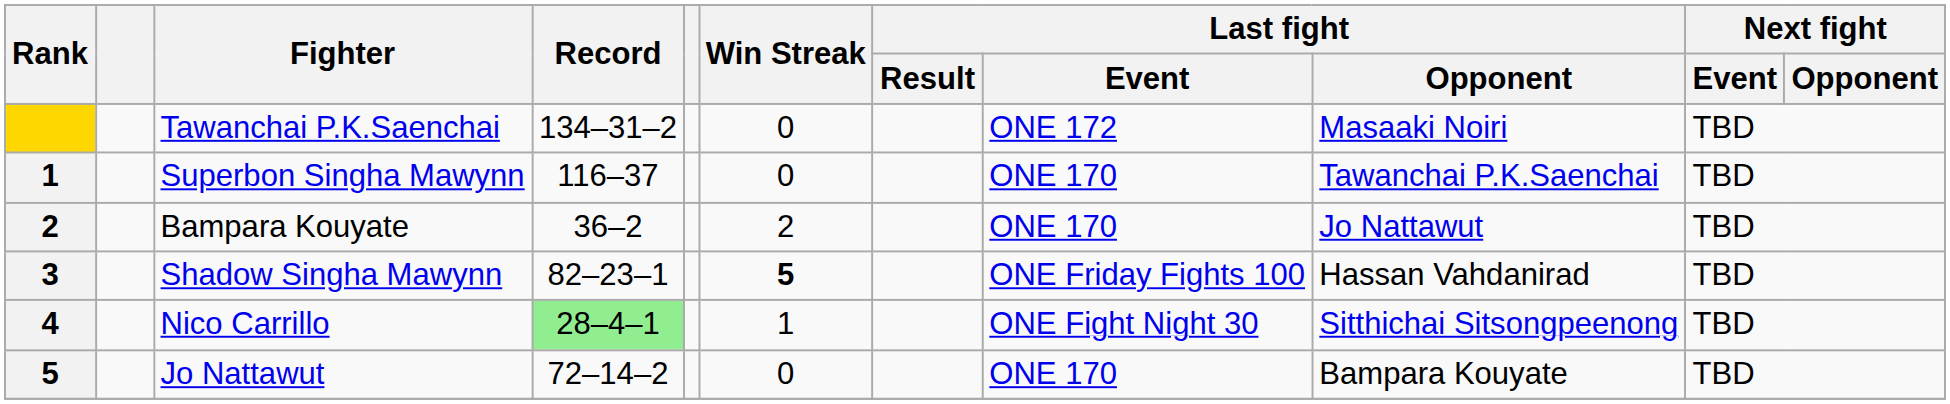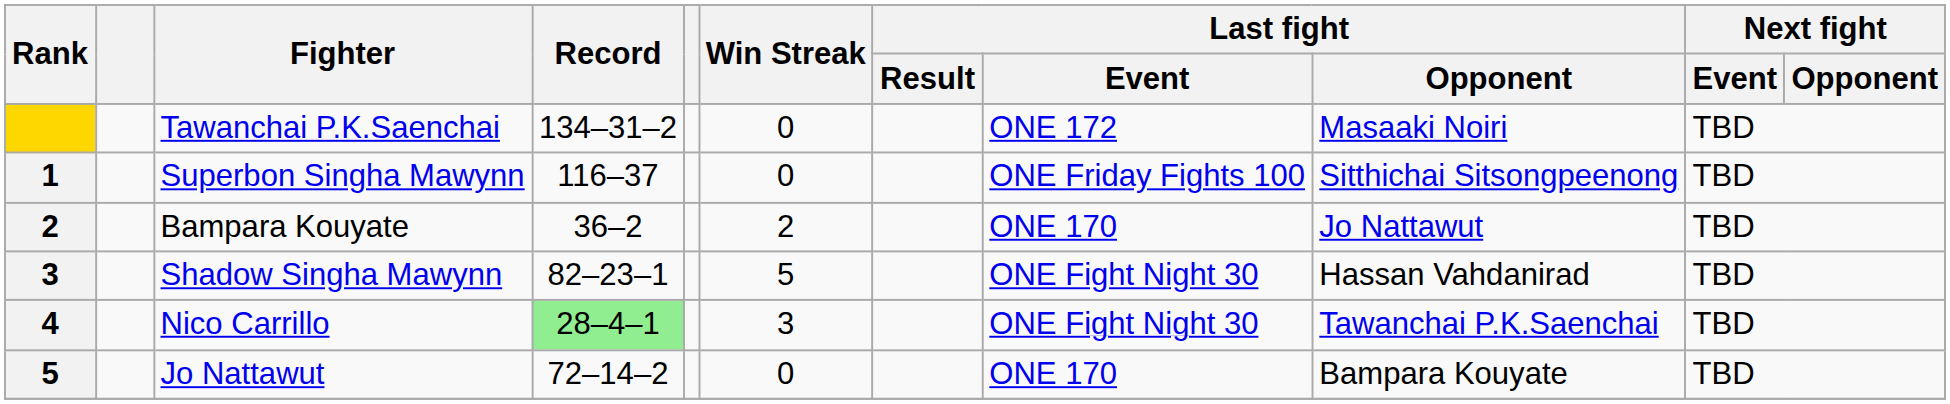 <table class="wikitable" style="display: inline-table;">
 <tr>
 <th rowspan=2>Rank</th>
 <th width=3% rowspan=2></th>
 <th rowspan=2>Fighter</th>
 <th rowspan=2>Record</th>
 <th rowspan=2></th>
 <th rowspan=2>Win Streak</th>
 <th colspan=3>Last fight</th>
 <th colspan=2>Next fight</th>
 </tr>
 <tr>
 <th>Result</th>
 <th>Event</th>
 <th>Opponent</th>
 <th>Event</th>
 <th>Opponent</th>
 </tr>
 <tr>
 <th style="background:gold"></th>
 <td></td>
 <td><a href='#'>Tawanchai P.K.Saenchai</a></td>
 <td align="center">134–31–2</td>
 <td align="center"></td>
 <td align="center">0</td>
 <td></td>
 <td><a href='#'>ONE 172</a></td>
 <td><a href='#'>Masaaki Noiri</a></td>
 <td colspan="2">TBD</td>
 </tr>
 <tr>
 <th>1</th>
 <td></td>
 <td><a href='#'>Superbon Singha Mawynn</a></td>
 <td align="center">116–37</td>
 <td align="center"></td>
 <td align="center">0</td>
 <td></td>
-<td><a href='#'>ONE 170</a></td>
-<td><a href='#'>Tawanchai P.K.Saenchai</a></td>
+<td><a href='#'>ONE Friday Fights 100</a></td>
+<td><a href='#'>Sitthichai Sitsongpeenong</a></td>
 <td colspan="2">TBD</td>
 </tr>
 <tr>
 <th>2</th>
 <td></td>
 <td>Bampara Kouyate</td>
 <td align="center">36–2</td>
 <td align="center"></td>
 <td align="center">2</td>
 <td></td>
 <td><a href='#'>ONE 170</a></td>
 <td><a href='#'>Jo Nattawut</a></td>
 <td colspan="2">TBD</td>
 </tr>
 <tr>
 <th>3</th>
 <td></td>
 <td><a href='#'>Shadow Singha Mawynn</a></td>
 <td align="center">82–23–1</td>
 <td align="center"></td>
-<td align="center"><strong>5</strong></td>
+<td align="center">5</td>
 <td></td>
-<td><a href='#'>ONE Friday Fights 100</a></td>
+<td><a href='#'>ONE Fight Night 30</a></td>
 <td>Hassan Vahdanirad</td>
 <td colspan="2">TBD</td>
 </tr>
 <tr>
 <th>4</th>
 <td></td>
 <td><a href='#'>Nico Carrillo</a></td>
 <td align="center" style="background: lightgreen;">28–4–1</td>
 <td align="center"></td>
-<td align=center>1</td>
+<td align=center>3</td>
 <td></td>
 <td><a href='#'>ONE Fight Night 30</a></td>
-<td><a href='#'>Sitthichai Sitsongpeenong</a></td>
+<td><a href='#'>Tawanchai P.K.Saenchai</a></td>
 <td colspan="2">TBD</td>
 </tr>
 <tr>
 <th>5</th>
 <td></td>
 <td><a href='#'>Jo Nattawut</a></td>
 <td align="center">72–14–2</td>
 <td align="center"></td>
 <td align="center">0</td>
 <td></td>
 <td><a href='#'>ONE 170</a></td>
 <td>Bampara Kouyate</td>
 <td colspan="2">TBD</td>
 </tr>
 <tr>
 </tr>
 </table>
